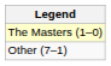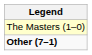 <table class="wikitable">
 <tr>
 <th>Legend</th>
 </tr>
 <tr style="background:#ffc;">
 <td>The Masters (1–0)</td>
 </tr>
 <tr>
-<td>Other (7–1)</td>
+<td><strong>Other (7–1)</strong></td>
 </tr>
 </table>
